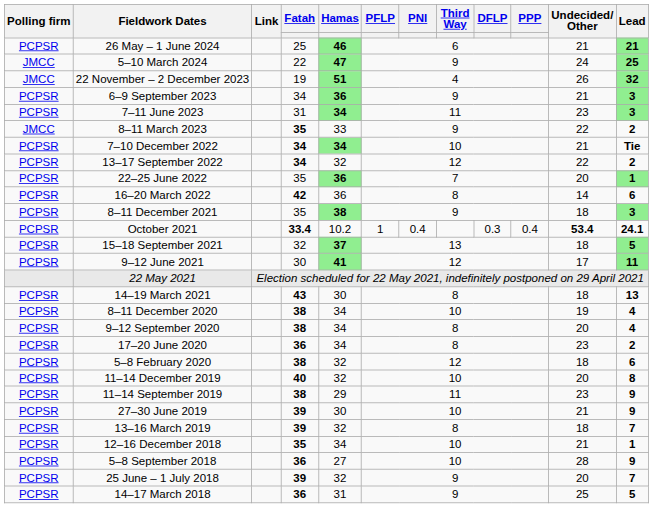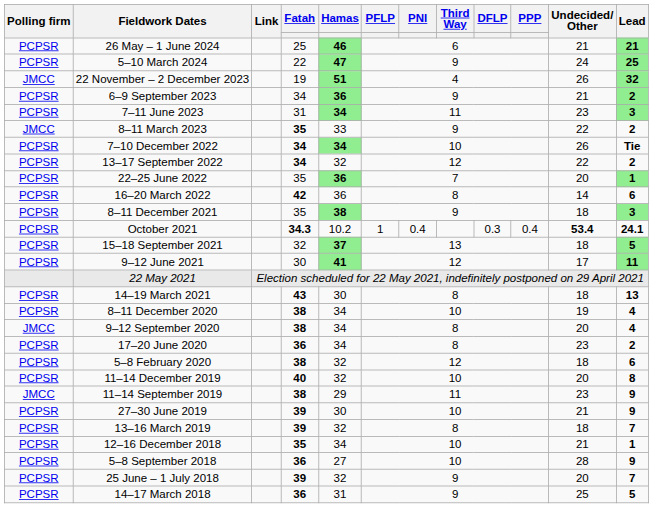 <table class="wikitable sortable" style="text-align:center;font-size:90%;line-height:14px;">
 <tr>
 <th rowspan="2">Polling firm</th>
 <th rowspan="2">Fieldwork Dates</th>
 <th rowspan="2">Link</th>
 <th class="unsortable" style="width:40px;"><a href='#'>Fatah</a></th>
 <th class="unsortable" style="width:40px;"><a href='#'>Hamas</a></th>
 <th class="unsortable" style="width:40px;"><a href='#'>PFLP</a></th>
 <th class="unsortable" style="width:40px;"><a href='#'>PNI</a></th>
 <th class="unsortable" style="width:40px;"><a href='#'>Third Way</a></th>
 <th class="unsortable" style="width:40px;"><a href='#'>DFLP</a></th>
 <th class="unsortable" style="width:40px;"><a href='#'>PPP</a></th>
 <th rowspan="2">Undecided/<br>Other</th>
 <th rowspan="2">Lead</th>
 </tr>
 <tr style="background:#e9e9e9;">
 <th class="unsortable" style="background-color:"></th>
 <th class="unsortable" style="background-color:"></th>
 <th class="unsortable" style="background-color:"></th>
 <th class="unsortable" style="background-color:"></th>
 <th class="unsortable" style="background-color:"></th>
 <th class="unsortable" style="background-color:"></th>
 <th class="unsortable" style="background-color:"></th>
 </tr>
 <tr>
 <td><a href='#'>PCPSR</a></td>
 <td>26 May – 1 June 2024</td>
 <td></td>
 <td>25</td>
 <td style="background:lightgreen"><strong>46</strong></td>
 <td colspan="5">6</td>
 <td>21</td>
 <td style="background:lightgreen"><strong>21</strong></td>
 </tr>
 <tr>
-<td><a href='#'>JMCC</a></td>
+<td><a href='#'>PCPSR</a></td>
 <td>5–10 March 2024</td>
 <td></td>
 <td>22</td>
 <td style="background:lightgreen"><strong>47</strong></td>
 <td colspan="5">9</td>
 <td>24</td>
 <td style="background:lightgreen"><strong>25</strong></td>
 </tr>
 <tr>
 <td><a href='#'>JMCC</a></td>
 <td>22 November – 2 December 2023</td>
 <td></td>
 <td>19</td>
 <td style="background:lightgreen"><strong>51</strong></td>
 <td colspan="5">4</td>
 <td>26</td>
 <td style="background:lightgreen"><strong>32</strong></td>
 </tr>
 <tr>
 <td><a href='#'>PCPSR</a></td>
 <td>6–9 September 2023</td>
 <td></td>
 <td>34</td>
 <td style="background:lightgreen"><strong>36</strong></td>
 <td colspan="5">9</td>
 <td>21</td>
-<td style="background:lightgreen"><strong>3</strong></td>
+<td style="background:lightgreen"><strong>2</strong></td>
 </tr>
 <tr>
 <td><a href='#'>PCPSR</a></td>
 <td>7–11 June 2023</td>
 <td></td>
 <td>31</td>
 <td style="background:lightgreen"><strong>34</strong></td>
 <td colspan="5">11</td>
 <td>23</td>
 <td style="background:lightgreen"><strong>3</strong></td>
 </tr>
 <tr>
 <td><a href='#'>JMCC</a></td>
 <td>8–11 March 2023</td>
 <td></td>
 <td><strong>35</strong></td>
 <td>33</td>
 <td colspan="5">9</td>
 <td>22</td>
 <td><strong>2</strong></td>
 </tr>
 <tr>
 <td><a href='#'>PCPSR</a></td>
 <td>7–10 December 2022</td>
 <td></td>
 <td><strong>34</strong></td>
 <td style="background:lightgreen"><strong>34</strong></td>
 <td colspan="5">10</td>
-<td>21</td>
+<td>26</td>
 <td><strong>Tie</strong></td>
 </tr>
 <tr>
 <td><a href='#'>PCPSR</a></td>
 <td>13–17 September 2022</td>
 <td></td>
 <td><strong>34</strong></td>
 <td>32</td>
 <td colspan="5">12</td>
 <td>22</td>
 <td><strong>2</strong></td>
 </tr>
 <tr>
 <td><a href='#'>PCPSR</a></td>
 <td>22–25 June 2022</td>
 <td></td>
 <td>35</td>
 <td style="background:lightgreen"><strong>36</strong></td>
 <td colspan="5">7</td>
 <td>20</td>
 <td style="background:lightgreen"><strong>1</strong></td>
 </tr>
 <tr>
 <td><a href='#'>PCPSR</a></td>
 <td>16–20 March 2022</td>
 <td></td>
 <td><strong>42</strong></td>
 <td>36</td>
 <td colspan="5">8</td>
 <td>14</td>
 <td><strong>6</strong></td>
 </tr>
 <tr>
 <td><a href='#'>PCPSR</a></td>
 <td>8–11 December 2021</td>
 <td></td>
 <td>35</td>
 <td style="background:lightgreen"><strong>38</strong></td>
 <td colspan="5">9</td>
 <td>18</td>
 <td style="background:lightgreen"><strong>3</strong></td>
 </tr>
 <tr>
 <td><a href='#'>PCPSR</a></td>
 <td>October 2021</td>
 <td></td>
-<td><strong>33.4</strong></td>
+<td><strong>34.3</strong></td>
 <td>10.2</td>
 <td>1</td>
 <td>0.4</td>
 <td></td>
 <td>0.3</td>
 <td>0.4</td>
 <td><strong>53.4</strong></td>
 <td><strong>24.1</strong></td>
 </tr>
 <tr>
 <td><a href='#'>PCPSR</a></td>
 <td>15–18 September 2021</td>
 <td></td>
 <td>32</td>
 <td style="background:lightgreen"><strong>37</strong></td>
 <td colspan="5">13</td>
 <td>18</td>
 <td style="background:lightgreen"><strong>5</strong></td>
 </tr>
 <tr>
 <td><a href='#'>PCPSR</a></td>
 <td>9–12 June 2021</td>
 <td></td>
 <td>30</td>
 <td style="background:lightgreen"><strong>41</strong></td>
 <td colspan="5">12</td>
 <td>17</td>
 <td style="background:lightgreen"><strong>11</strong></td>
 </tr>
 <tr style="background:#E9E9E9;">
 <td></td>
 <td><em>22 May 2021</em></td>
 <td colspan="10"><em>Election scheduled for 22 May 2021, indefinitely postponed on 29 April 2021</em></td>
 </tr>
 <tr>
 <td><a href='#'>PCPSR</a></td>
 <td>14–19 March 2021</td>
 <td></td>
 <td><strong>43</strong></td>
 <td>30</td>
 <td colspan="5">8</td>
 <td>18</td>
 <td><strong>13</strong></td>
 </tr>
 <tr>
 <td><a href='#'>PCPSR</a></td>
 <td>8–11 December 2020</td>
 <td></td>
 <td><strong>38</strong></td>
 <td>34</td>
 <td colspan="5">10</td>
 <td>19</td>
 <td><strong>4</strong></td>
 </tr>
 <tr>
-<td><a href='#'>PCPSR</a></td>
+<td><a href='#'>JMCC</a></td>
 <td>9–12 September 2020</td>
 <td></td>
 <td><strong>38</strong></td>
 <td>34</td>
 <td colspan="5">8</td>
 <td>20</td>
 <td><strong>4</strong></td>
 </tr>
 <tr>
 <td><a href='#'>PCPSR</a></td>
 <td>17–20 June 2020</td>
 <td></td>
 <td><strong>36</strong></td>
 <td>34</td>
 <td colspan="5">8</td>
 <td>23</td>
 <td><strong>2</strong></td>
 </tr>
 <tr>
 <td><a href='#'>PCPSR</a></td>
 <td>5–8 February 2020</td>
 <td></td>
 <td><strong>38</strong></td>
 <td>32</td>
 <td colspan="5">12</td>
 <td>18</td>
 <td><strong>6</strong></td>
 </tr>
 <tr>
 <td><a href='#'>PCPSR</a></td>
 <td>11–14 December 2019</td>
 <td></td>
 <td><strong>40</strong></td>
 <td>32</td>
 <td colspan="5">10</td>
 <td>20</td>
 <td><strong>8</strong></td>
 </tr>
 <tr>
-<td><a href='#'>PCPSR</a></td>
+<td><a href='#'>JMCC</a></td>
 <td>11–14 September 2019</td>
 <td></td>
 <td><strong>38</strong></td>
 <td>29</td>
 <td colspan="5">11</td>
 <td>23</td>
 <td><strong>9</strong></td>
 </tr>
 <tr>
 <td><a href='#'>PCPSR</a></td>
 <td>27–30 June 2019</td>
 <td></td>
 <td><strong>39</strong></td>
 <td>30</td>
 <td colspan="5">10</td>
 <td>21</td>
 <td><strong>9</strong></td>
 </tr>
 <tr>
 <td><a href='#'>PCPSR</a></td>
 <td>13–16 March 2019</td>
 <td></td>
 <td><strong>39</strong></td>
 <td>32</td>
 <td colspan="5">8</td>
 <td>18</td>
 <td><strong>7</strong></td>
 </tr>
 <tr>
 <td><a href='#'>PCPSR</a></td>
 <td>12–16 December 2018</td>
 <td></td>
 <td><strong>35</strong></td>
 <td>34</td>
 <td colspan="5">10</td>
 <td>21</td>
 <td><strong>1</strong></td>
 </tr>
 <tr>
 <td><a href='#'>PCPSR</a></td>
 <td>5–8 September 2018</td>
 <td></td>
 <td><strong>36</strong></td>
 <td>27</td>
 <td colspan="5">10</td>
 <td>28</td>
 <td><strong>9</strong></td>
 </tr>
 <tr>
 <td><a href='#'>PCPSR</a></td>
 <td>25 June – 1 July 2018</td>
 <td></td>
 <td><strong>39</strong></td>
 <td>32</td>
 <td colspan="5">9</td>
 <td>20</td>
 <td><strong>7</strong></td>
 </tr>
 <tr>
 <td><a href='#'>PCPSR</a></td>
 <td>14–17 March 2018</td>
 <td></td>
 <td><strong>36</strong></td>
 <td>31</td>
 <td colspan="5">9</td>
 <td>25</td>
 <td><strong>5</strong></td>
 </tr>
 </table>
